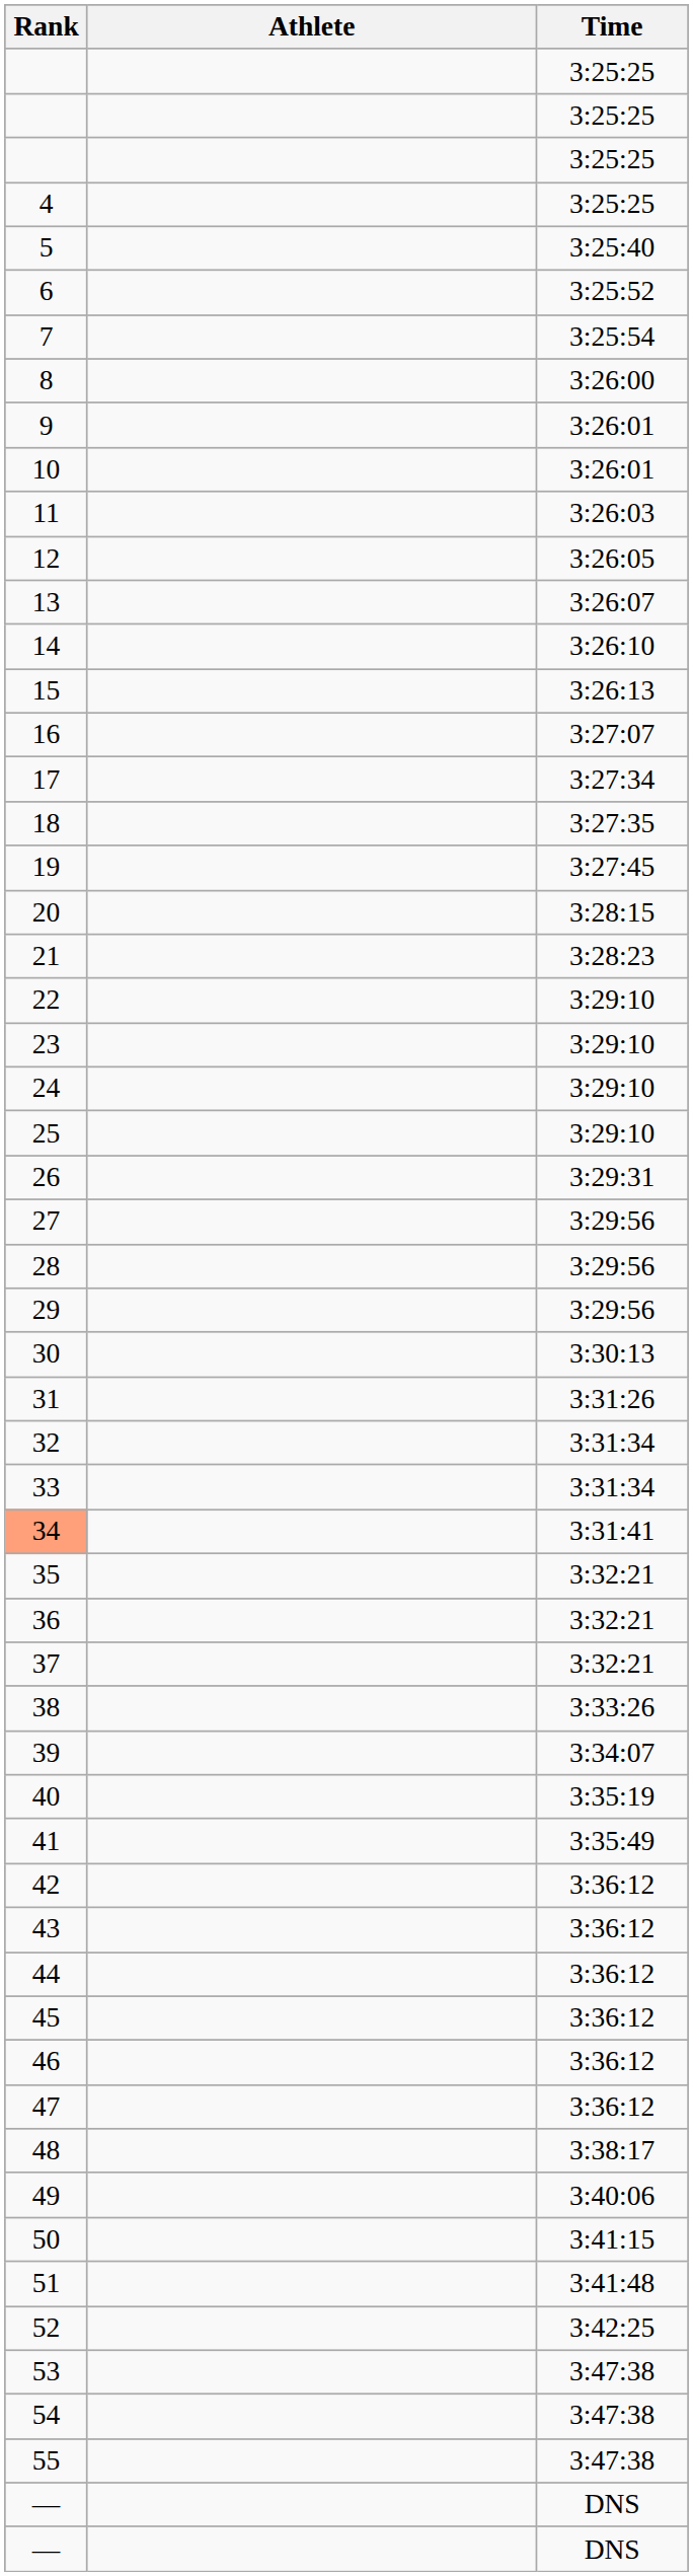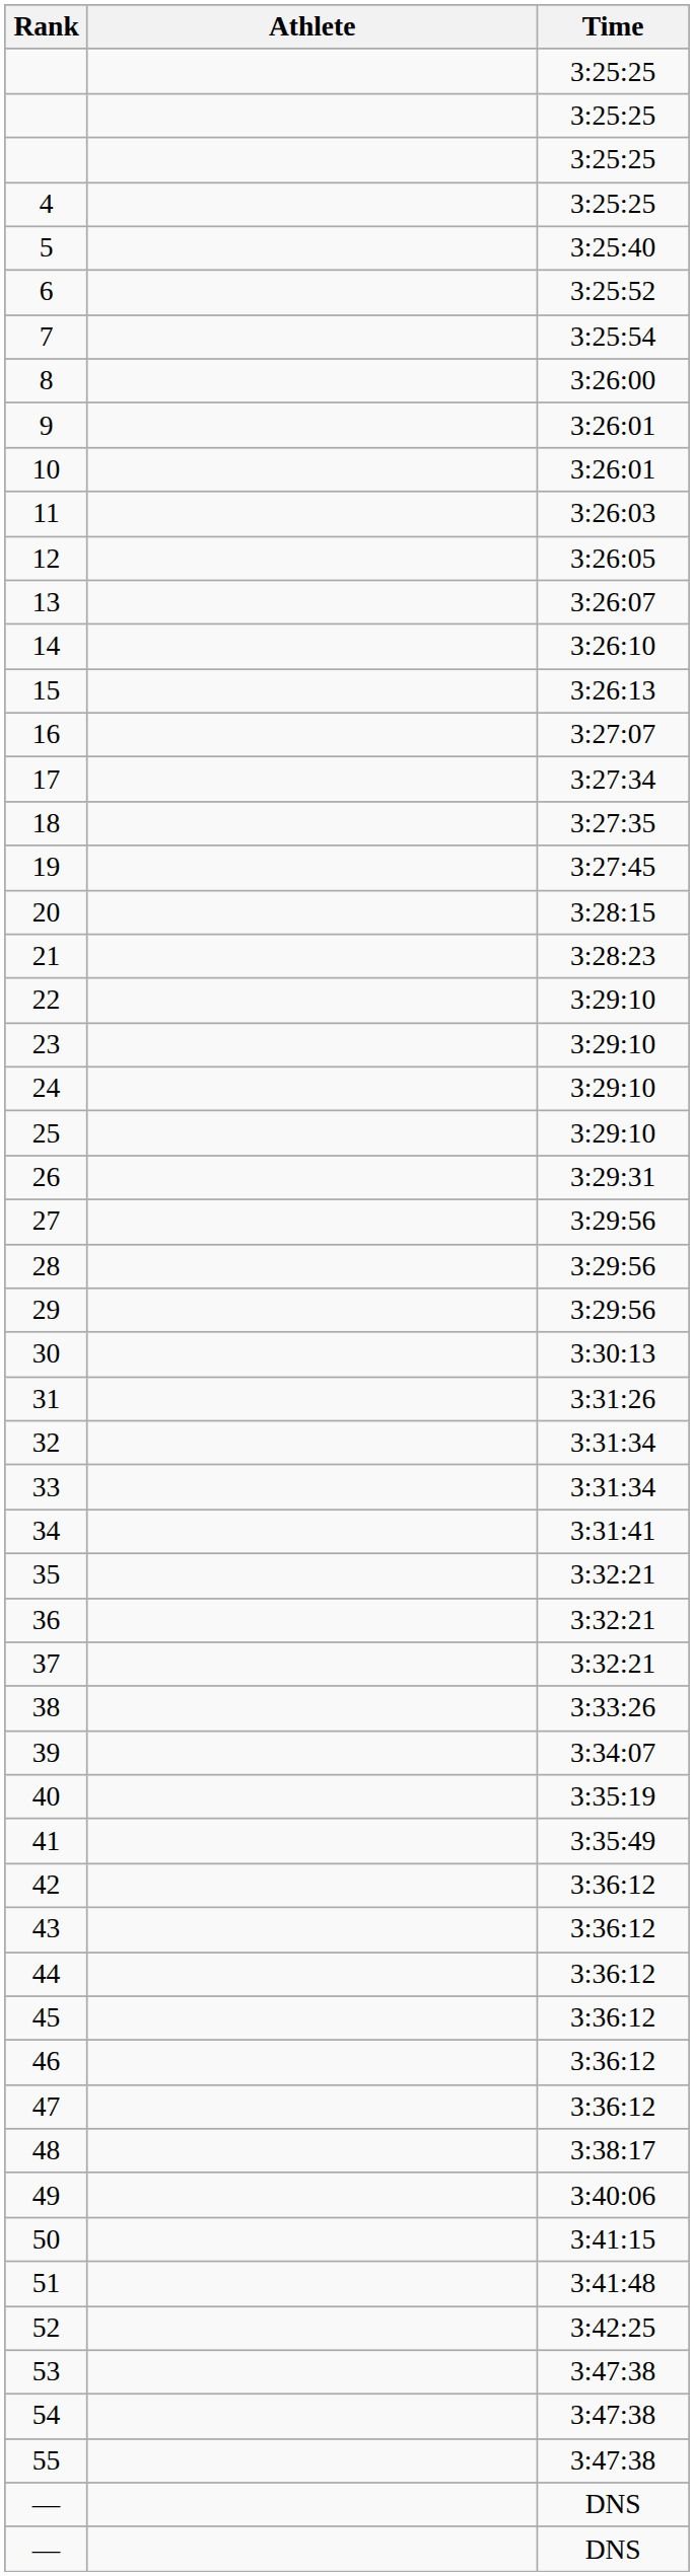 <table class=wikitable sortable| style="text-align:center">
 <tr>
 <th width=40>Rank</th>
 <th width=250>Athlete</th>
 <th width=80>Time</th>
 </tr>
 <tr>
 <td></td>
 <td align=left></td>
 <td>3:25:25</td>
 </tr>
 <tr>
 <td></td>
 <td align=left></td>
 <td>3:25:25</td>
 </tr>
 <tr>
 <td></td>
 <td align=left></td>
 <td>3:25:25</td>
 </tr>
 <tr>
 <td>4</td>
 <td align=left></td>
 <td>3:25:25</td>
 </tr>
 <tr>
 <td>5</td>
 <td align=left></td>
 <td>3:25:40</td>
 </tr>
 <tr>
 <td>6</td>
 <td align=left></td>
 <td>3:25:52</td>
 </tr>
 <tr>
 <td>7</td>
 <td align=left></td>
 <td>3:25:54</td>
 </tr>
 <tr>
 <td>8</td>
 <td align=left></td>
 <td>3:26:00</td>
 </tr>
 <tr>
 <td>9</td>
 <td align=left></td>
 <td>3:26:01</td>
 </tr>
 <tr>
 <td>10</td>
 <td align=left></td>
 <td>3:26:01</td>
 </tr>
 <tr>
 <td>11</td>
 <td align=left></td>
 <td>3:26:03</td>
 </tr>
 <tr>
 <td>12</td>
 <td align=left></td>
 <td>3:26:05</td>
 </tr>
 <tr>
 <td>13</td>
 <td align=left></td>
 <td>3:26:07</td>
 </tr>
 <tr>
 <td>14</td>
 <td align=left></td>
 <td>3:26:10</td>
 </tr>
 <tr>
 <td>15</td>
 <td align=left></td>
 <td>3:26:13</td>
 </tr>
 <tr>
 <td>16</td>
 <td align=left></td>
 <td>3:27:07</td>
 </tr>
 <tr>
 <td>17</td>
 <td align=left></td>
 <td>3:27:34</td>
 </tr>
 <tr>
 <td>18</td>
 <td align=left></td>
 <td>3:27:35</td>
 </tr>
 <tr>
 <td>19</td>
 <td align=left></td>
 <td>3:27:45</td>
 </tr>
 <tr>
 <td>20</td>
 <td align=left></td>
 <td>3:28:15</td>
 </tr>
 <tr>
 <td>21</td>
 <td align=left></td>
 <td>3:28:23</td>
 </tr>
 <tr>
 <td>22</td>
 <td align=left></td>
 <td>3:29:10</td>
 </tr>
 <tr>
 <td>23</td>
 <td align=left></td>
 <td>3:29:10</td>
 </tr>
 <tr>
 <td>24</td>
 <td align=left></td>
 <td>3:29:10</td>
 </tr>
 <tr>
 <td>25</td>
 <td align=left></td>
 <td>3:29:10</td>
 </tr>
 <tr>
 <td>26</td>
 <td align=left></td>
 <td>3:29:31</td>
 </tr>
 <tr>
 <td>27</td>
 <td align=left></td>
 <td>3:29:56</td>
 </tr>
 <tr>
 <td>28</td>
 <td align=left></td>
 <td>3:29:56</td>
 </tr>
 <tr>
 <td>29</td>
 <td align=left></td>
 <td>3:29:56</td>
 </tr>
 <tr>
 <td>30</td>
 <td align=left></td>
 <td>3:30:13</td>
 </tr>
 <tr>
 <td>31</td>
 <td align=left></td>
 <td>3:31:26</td>
 </tr>
 <tr>
 <td>32</td>
 <td align=left></td>
 <td>3:31:34</td>
 </tr>
 <tr>
 <td>33</td>
 <td align=left></td>
 <td>3:31:34</td>
 </tr>
 <tr>
-<td style="background: lightsalmon;">34</td>
+<td>34</td>
 <td align=left></td>
 <td>3:31:41</td>
 </tr>
 <tr>
 <td>35</td>
 <td align=left></td>
 <td>3:32:21</td>
 </tr>
 <tr>
 <td>36</td>
 <td align=left></td>
 <td>3:32:21</td>
 </tr>
 <tr>
 <td>37</td>
 <td align=left></td>
 <td>3:32:21</td>
 </tr>
 <tr>
 <td>38</td>
 <td align=left></td>
 <td>3:33:26</td>
 </tr>
 <tr>
 <td>39</td>
 <td align=left></td>
 <td>3:34:07</td>
 </tr>
 <tr>
 <td>40</td>
 <td align=left></td>
 <td>3:35:19</td>
 </tr>
 <tr>
 <td>41</td>
 <td align=left></td>
 <td>3:35:49</td>
 </tr>
 <tr>
 <td>42</td>
 <td align=left></td>
 <td>3:36:12</td>
 </tr>
 <tr>
 <td>43</td>
 <td align=left></td>
 <td>3:36:12</td>
 </tr>
 <tr>
 <td>44</td>
 <td align=left></td>
 <td>3:36:12</td>
 </tr>
 <tr>
 <td>45</td>
 <td align=left></td>
 <td>3:36:12</td>
 </tr>
 <tr>
 <td>46</td>
 <td align=left></td>
 <td>3:36:12</td>
 </tr>
 <tr>
 <td>47</td>
 <td align=left></td>
 <td>3:36:12</td>
 </tr>
 <tr>
 <td>48</td>
 <td align=left></td>
 <td>3:38:17</td>
 </tr>
 <tr>
 <td>49</td>
 <td align=left></td>
 <td>3:40:06</td>
 </tr>
 <tr>
 <td>50</td>
 <td align=left></td>
 <td>3:41:15</td>
 </tr>
 <tr>
 <td>51</td>
 <td align=left></td>
 <td>3:41:48</td>
 </tr>
 <tr>
 <td>52</td>
 <td align=left></td>
 <td>3:42:25</td>
 </tr>
 <tr>
 <td>53</td>
 <td align=left></td>
 <td>3:47:38</td>
 </tr>
 <tr>
 <td>54</td>
 <td align=left></td>
 <td>3:47:38</td>
 </tr>
 <tr>
 <td>55</td>
 <td align=left></td>
 <td>3:47:38</td>
 </tr>
 <tr>
 <td>—</td>
 <td align=left></td>
 <td>DNS</td>
 </tr>
 <tr>
 <td>—</td>
 <td align=left></td>
 <td>DNS</td>
 </tr>
 </table>
